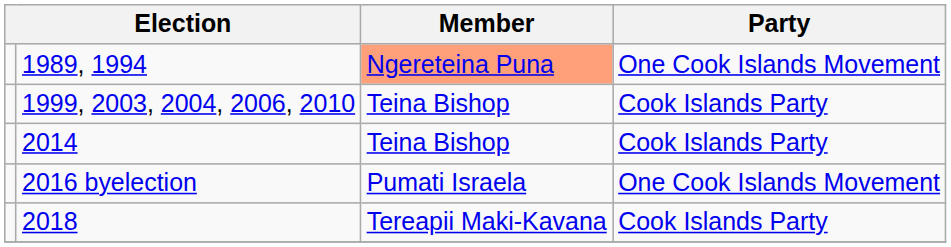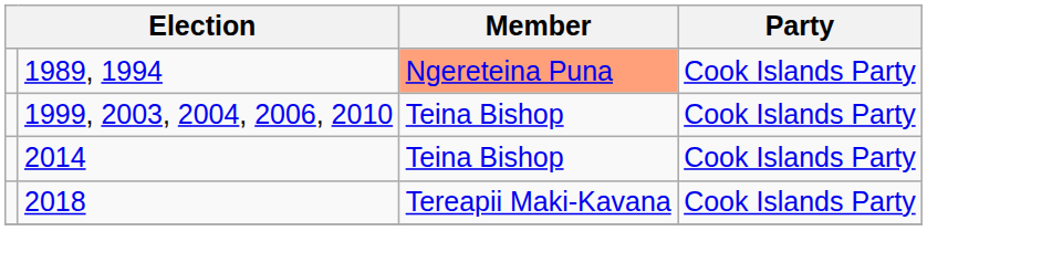 <table class="wikitable">
 <tr>
 <th colspan="2">Election</th>
 <th>Member</th>
 <th>Party</th>
 </tr>
 <tr>
 <td style="background-color: "></td>
 <td><a href='#'>1989</a>, <a href='#'>1994</a></td>
 <td style="background: lightsalmon;"><a href='#'>Ngereteina Puna</a></td>
-<td><a href='#'>One Cook Islands Movement</a></td>
+<td><a href='#'>Cook Islands Party</a></td>
 </tr>
 <tr>
 <td style="background-color: "></td>
 <td><a href='#'>1999</a>, <a href='#'>2003</a>, <a href='#'>2004</a>, <a href='#'>2006</a>, <a href='#'>2010</a></td>
 <td><a href='#'>Teina Bishop</a></td>
 <td><a href='#'>Cook Islands Party</a></td>
 </tr>
 <tr>
 <td style="background-color: "></td>
 <td><a href='#'>2014</a></td>
 <td><a href='#'>Teina Bishop</a></td>
 <td><a href='#'>Cook Islands Party</a></td>
 </tr>
 <tr>
 <td style="background-color: "></td>
-<td><a href='#'>2016 byelection</a></td>
-<td><a href='#'>Pumati Israela</a></td>
-<td><a href='#'>One Cook Islands Movement</a></td>
-</tr>
-<tr>
-<td style="background-color: "></td>
 <td><a href='#'>2018</a></td>
 <td><a href='#'>Tereapii Maki-Kavana</a></td>
 <td><a href='#'>Cook Islands Party</a></td>
 </tr>
 <tr>
 </tr>
 </table>
